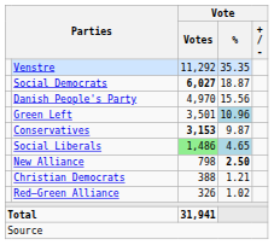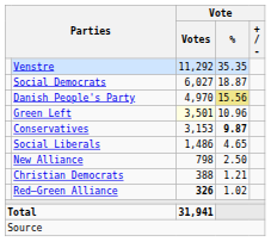 <table class="wikitable" style="text-align:right;">
 <tr>
 <th style="text-align:centre;" rowspan="2" colspan="2" width="225">Parties</th>
 <th colspan="3">Vote</th>
 </tr>
 <tr>
 <th width="15">Votes</th>
 <th width="15">%</th>
 <th width="15">+ / -</th>
 </tr>
 <tr>
 <td width="2" style="color:inherit;background:"></td>
 <td bgcolor=#cfe5fe  align="left"><a href='#'>Venstre</a></td>
 <td bgcolor=#cfe5fe>11,292</td>
 <td bgcolor=#cfe5fe>35.35</td>
 <td></td>
 </tr>
 <tr>
 <td width="2" style="color:inherit;background:"></td>
 <td align="left"><a href='#'>Social Democrats</a></td>
-<td><strong>6,027</strong></td>
+<td>6,027</td>
 <td>18.87</td>
 <td></td>
 </tr>
 <tr>
 <td width="2" style="color:inherit;background:"></td>
 <td align="left"><a href='#'>Danish People's Party</a></td>
 <td>4,970</td>
-<td>15.56</td>
+<td style="background: khaki;">15.56</td>
 <td></td>
 </tr>
 <tr>
 <td width="2" style="color:inherit;background:"></td>
 <td align="left"><a href='#'>Green Left</a></td>
-<td>3,501</td>
-<td style="background: lightblue;">10.96</td>
+<td style="background: lightyellow;">3,501</td>
+<td>10.96</td>
 <td></td>
 </tr>
 <tr>
 <td width="2" style="color:inherit;background:"></td>
 <td align="left"><a href='#'>Conservatives</a></td>
-<td><strong>3,153</strong></td>
-<td>9.87</td>
+<td>3,153</td>
+<td><strong>9.87</strong></td>
 <td></td>
 </tr>
 <tr>
 <td width="2" style="color:inherit;background:"></td>
 <td align="left"><a href='#'>Social Liberals</a></td>
-<td style="background: lightgreen;">1,486</td>
-<td style="background: lightblue;">4.65</td>
+<td>1,486</td>
+<td>4.65</td>
 <td></td>
 </tr>
 <tr>
 <td width="2" style="color:inherit;background:"></td>
 <td align="left"><a href='#'>New Alliance</a></td>
 <td>798</td>
-<td><strong>2.50</strong></td>
+<td>2.50</td>
 <td></td>
 </tr>
 <tr>
 <td width="2" style="color:inherit;background:"></td>
 <td align="left"><a href='#'>Christian Democrats</a></td>
 <td>388</td>
 <td>1.21</td>
 <td></td>
 </tr>
 <tr>
 <td width="2" style="color:inherit;background:"></td>
 <td align="left"><a href='#'>Red–Green Alliance</a></td>
-<td>326</td>
+<td><strong>326</strong></td>
 <td>1.02</td>
 <td></td>
 </tr>
 <tr>
 <td colspan="7" bgcolor="#E9E9E9"></td>
 </tr>
 <tr>
 <td align="left" colspan="2"><strong>Total</strong></td>
 <td><strong>31,941</strong></td>
 <td bgcolor="#E9E9E9" colspan="2"></td>
 </tr>
 <tr>
 <td align="left" colspan="6">Source</td>
 </tr>
 </table>
